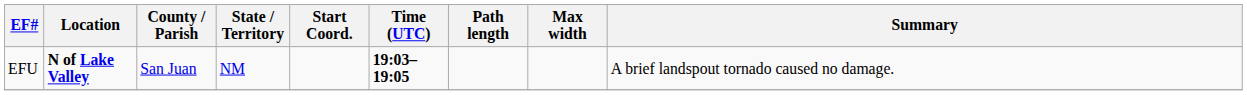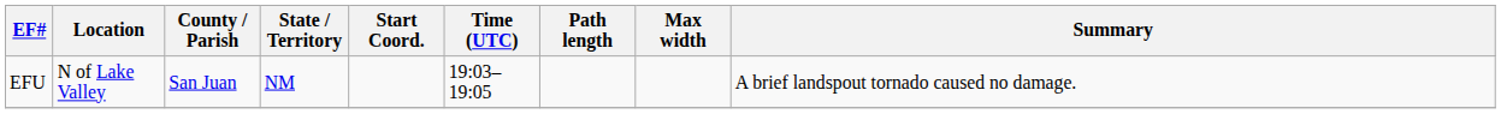 <table class="wikitable sortable" style="width:100%;">
 <tr>
 <th scope="col"  style="width:3%; text-align:center;"><a href='#'>EF#</a></th>
 <th scope="col"  style="width:7%; text-align:center;" class="unsortable">Location</th>
 <th scope="col"  style="width:6%; text-align:center;" class="unsortable">County / Parish</th>
 <th scope="col"  style="width:5%; text-align:center;">State / Territory</th>
 <th scope="col"  style="width:6%; text-align:center;">Start Coord.</th>
 <th scope="col"  style="width:6%; text-align:center;">Time (<a href='#'>UTC</a>)</th>
 <th scope="col"  style="width:6%; text-align:center;">Path length</th>
 <th scope="col"  style="width:6%; text-align:center;">Max width</th>
 <th scope="col" class="unsortable" style="width:48%; text-align:center;">Summary</th>
 </tr>
 <tr>
 <td>EFU</td>
-<td><strong>N of <a href='#'>Lake Valley</a></strong></td>
+<td>N of <a href='#'>Lake Valley</a></td>
 <td><a href='#'>San Juan</a></td>
 <td><a href='#'>NM</a></td>
 <td></td>
-<td><strong>19:03–19:05</strong></td>
+<td>19:03–19:05</td>
 <td></td>
 <td></td>
 <td>A brief landspout tornado caused no damage.</td>
 </tr>
 <tr>
 </tr>
 </table>
